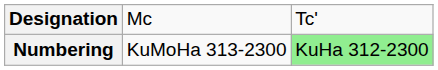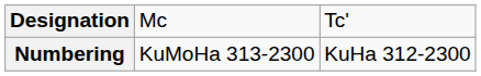 <table class="wikitable">
 <tr>
 <th>Designation</th>
 <td>Mc</td>
 <td>Tc'</td>
 </tr>
 <tr>
 <th>Numbering</th>
 <td>KuMoHa 313-2300</td>
-<td style="background: lightgreen;">KuHa 312-2300</td>
+<td>KuHa 312-2300</td>
 </tr>
 </table>
